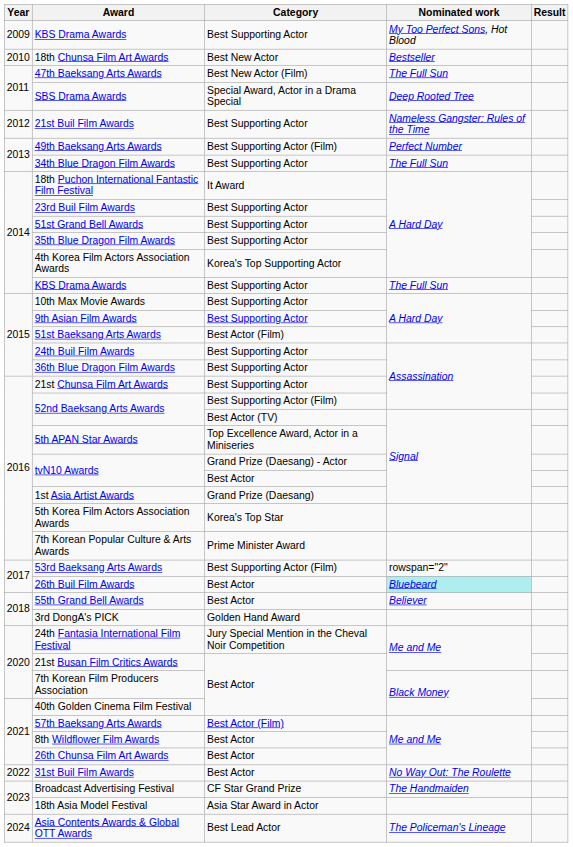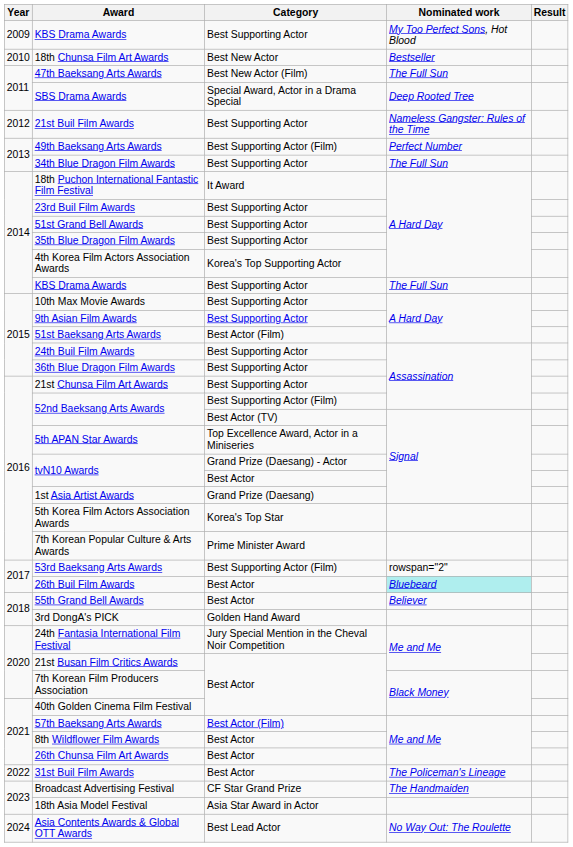 <table class="wikitable sortable">
 <tr>
 <th>Year</th>
 <th>Award</th>
 <th>Category</th>
 <th>Nominated work</th>
 <th>Result</th>
 </tr>
 <tr>
 <td>2009</td>
 <td><a href='#'>KBS Drama Awards</a></td>
 <td>Best Supporting Actor</td>
 <td><em><a href='#'>My Too Perfect Sons</a>, Hot Blood</em></td>
 <td></td>
 </tr>
 <tr>
 <td>2010</td>
 <td>18th <a href='#'>Chunsa Film Art Awards</a></td>
 <td>Best New Actor</td>
 <td><em><a href='#'>Bestseller</a></em></td>
 <td></td>
 </tr>
 <tr>
 <td rowspan=2>2011</td>
 <td><a href='#'>47th Baeksang Arts Awards</a></td>
 <td>Best New Actor (Film)</td>
 <td><em><a href='#'>The Full Sun</a></em></td>
 <td></td>
 </tr>
 <tr>
 <td><a href='#'>SBS Drama Awards</a></td>
 <td>Special Award, Actor in a Drama Special</td>
 <td><em><a href='#'>Deep Rooted Tree</a></em></td>
 <td></td>
 </tr>
 <tr>
 <td>2012</td>
 <td><a href='#'>21st Buil Film Awards</a></td>
 <td>Best Supporting Actor</td>
 <td><em><a href='#'>Nameless Gangster: Rules of the Time</a></em></td>
 <td></td>
 </tr>
 <tr>
 <td rowspan=2>2013</td>
 <td><a href='#'>49th Baeksang Arts Awards</a></td>
 <td>Best Supporting Actor (Film)</td>
 <td><em><a href='#'>Perfect Number</a></em></td>
 <td></td>
 </tr>
 <tr>
 <td><a href='#'>34th Blue Dragon Film Awards</a></td>
 <td>Best Supporting Actor</td>
 <td><em><a href='#'>The Full Sun</a></em></td>
 <td></td>
 </tr>
 <tr>
 <td rowspan=6>2014</td>
 <td>18th <a href='#'>Puchon International Fantastic Film Festival</a></td>
 <td>It Award</td>
 <td rowspan=5><em><a href='#'>A Hard Day</a></em></td>
 <td></td>
 </tr>
 <tr>
 <td><a href='#'>23rd Buil Film Awards</a></td>
 <td>Best Supporting Actor</td>
 <td></td>
 </tr>
 <tr>
 <td><a href='#'>51st Grand Bell Awards</a></td>
 <td>Best Supporting Actor</td>
 <td></td>
 </tr>
 <tr>
 <td><a href='#'>35th Blue Dragon Film Awards</a></td>
 <td>Best Supporting Actor</td>
 <td></td>
 </tr>
 <tr>
 <td>4th Korea Film Actors Association Awards</td>
 <td>Korea's Top Supporting Actor</td>
 <td></td>
 </tr>
 <tr>
 <td><a href='#'>KBS Drama Awards</a></td>
 <td>Best Supporting Actor</td>
 <td><em><a href='#'>The Full Sun</a></em></td>
 <td></td>
 </tr>
 <tr>
 <td rowspan=5>2015</td>
 <td>10th Max Movie Awards</td>
 <td>Best Supporting Actor</td>
 <td rowspan=3><em><a href='#'>A Hard Day</a></em></td>
 <td></td>
 </tr>
 <tr>
 <td><a href='#'>9th Asian Film Awards</a></td>
 <td><a href='#'>Best Supporting Actor</a></td>
 <td></td>
 </tr>
 <tr>
 <td><a href='#'>51st Baeksang Arts Awards</a></td>
 <td>Best Actor (Film)</td>
 <td></td>
 </tr>
 <tr>
 <td><a href='#'>24th Buil Film Awards</a></td>
 <td>Best Supporting Actor</td>
 <td rowspan=4><em><a href='#'>Assassination</a></em></td>
 <td></td>
 </tr>
 <tr>
 <td><a href='#'>36th Blue Dragon Film Awards</a></td>
 <td>Best Supporting Actor</td>
 <td></td>
 </tr>
 <tr>
 <td rowspan="9">2016</td>
 <td>21st <a href='#'>Chunsa Film Art Awards</a></td>
 <td>Best Supporting Actor</td>
 <td></td>
 </tr>
 <tr>
 <td rowspan=2><a href='#'>52nd Baeksang Arts Awards</a></td>
 <td>Best Supporting Actor (Film)</td>
 <td></td>
 </tr>
 <tr>
 <td>Best Actor (TV)</td>
 <td rowspan="5"><em><a href='#'>Signal</a></em></td>
 <td></td>
 </tr>
 <tr>
 <td><a href='#'>5th APAN Star Awards</a></td>
 <td>Top Excellence Award, Actor in a Miniseries</td>
 <td></td>
 </tr>
 <tr>
 <td rowspan="2"><a href='#'>tvN10 Awards</a></td>
 <td>Grand Prize (Daesang) - Actor</td>
 <td></td>
 </tr>
 <tr>
 <td>Best Actor</td>
 <td></td>
 </tr>
 <tr>
 <td>1st <a href='#'>Asia Artist Awards</a></td>
 <td>Grand Prize (Daesang)</td>
 <td></td>
 </tr>
 <tr>
 <td>5th Korea Film Actors Association Awards</td>
 <td>Korea's Top Star</td>
 <td></td>
 <td></td>
 </tr>
 <tr>
 <td>7th Korean Popular Culture & Arts Awards</td>
 <td>Prime Minister Award</td>
 <td></td>
 <td></td>
 </tr>
 <tr>
 <td rowspan="2">2017</td>
 <td><a href='#'>53rd Baeksang Arts Awards</a></td>
 <td>Best Supporting Actor (Film)</td>
 <td>rowspan="2" </td>
 <td></td>
 </tr>
 <tr>
 <td><a href='#'>26th Buil Film Awards</a></td>
 <td>Best Actor</td>
 <td style="background: paleturquoise;"><em><a href='#'>Bluebeard</a></em></td>
 <td></td>
 </tr>
 <tr>
 <td rowspan="2">2018</td>
 <td><a href='#'>55th Grand Bell Awards</a></td>
 <td>Best Actor</td>
 <td><em><a href='#'>Believer</a></em></td>
 <td></td>
 </tr>
 <tr>
 <td>3rd DongA's PICK</td>
 <td>Golden Hand Award</td>
 <td></td>
 <td></td>
 </tr>
 <tr>
 <td rowspan="3">2020</td>
 <td>24th <a href='#'>Fantasia International Film Festival</a></td>
 <td>Jury Special Mention in the Cheval Noir Competition</td>
 <td rowspan="2"><em><a href='#'>Me and Me</a></em></td>
 <td></td>
 </tr>
 <tr>
 <td>21st <a href='#'>Busan Film Critics Awards</a></td>
 <td rowspan="3">Best Actor</td>
 <td></td>
 </tr>
 <tr>
 <td>7th Korean Film Producers Association </td>
 <td rowspan="2"><em><a href='#'>Black Money</a></em></td>
 <td></td>
 </tr>
 <tr>
 <td rowspan="4">2021</td>
 <td>40th Golden Cinema Film Festival</td>
 <td></td>
 </tr>
 <tr>
 <td><a href='#'>57th Baeksang Arts Awards</a></td>
 <td><a href='#'>Best Actor (Film)</a></td>
 <td rowspan="3"><em><a href='#'>Me and Me</a></em></td>
 <td></td>
 </tr>
 <tr>
 <td>8th <a href='#'>Wildflower Film Awards</a></td>
 <td>Best Actor</td>
 <td></td>
 </tr>
 <tr>
 <td><a href='#'>26th Chunsa Film Art Awards</a></td>
 <td>Best Actor</td>
 <td></td>
 </tr>
 <tr>
 <td>2022</td>
 <td><a href='#'>31st Buil Film Awards</a></td>
 <td>Best Actor</td>
-<td><em><a href='#'>No Way Out: The Roulette</a></em></td>
+<td><em><a href='#'>The Policeman's Lineage</a></em></td>
 <td></td>
 </tr>
 <tr>
 <td rowspan="2">2023</td>
 <td>Broadcast Advertising Festival</td>
 <td>CF Star Grand Prize</td>
 <td><em><a href='#'>The Handmaiden</a></em></td>
 <td></td>
 </tr>
 <tr>
 <td>18th Asia Model Festival</td>
 <td>Asia Star Award in Actor</td>
 <td></td>
 </tr>
 <tr>
 <td>2024</td>
 <td><a href='#'>Asia Contents Awards & Global OTT Awards</a></td>
 <td>Best Lead Actor</td>
-<td><em><a href='#'>The Policeman's Lineage</a></em></td>
+<td><em><a href='#'>No Way Out: The Roulette</a></em></td>
 <td></td>
 </tr>
 </table>
